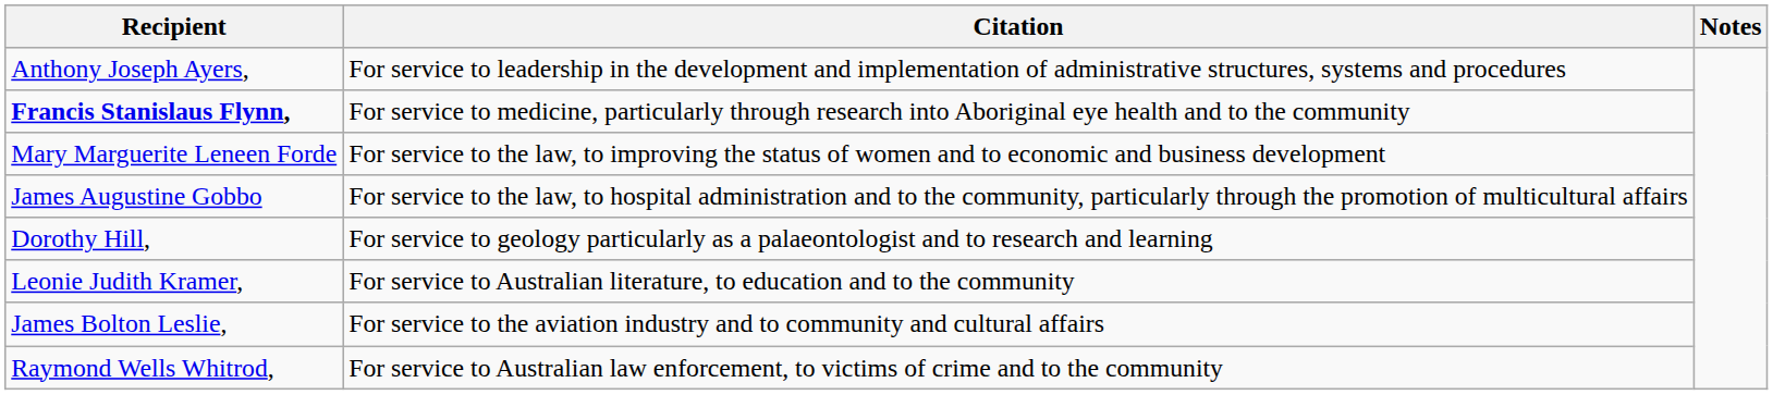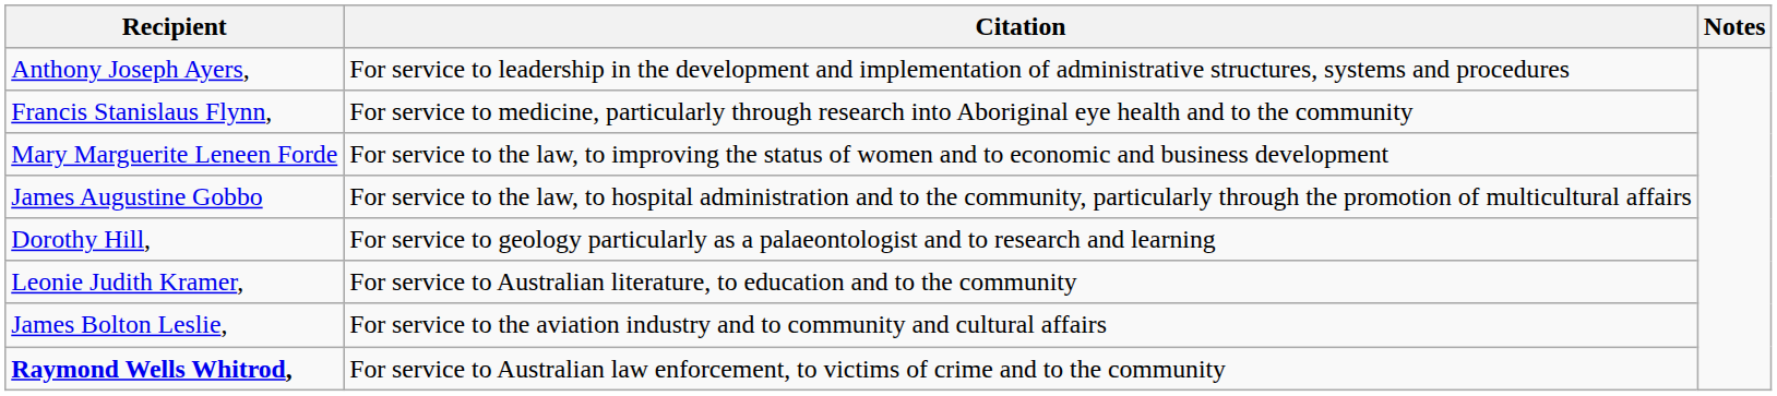 <table class="wikitable" style="font-size:95%;">
 <tr>
 <th>Recipient</th>
 <th>Citation</th>
 <th>Notes</th>
 </tr>
 <tr>
 <td><a href='#'>Anthony Joseph Ayers</a>, </td>
 <td>For service to leadership in the development and implementation of administrative structures, systems and procedures</td>
 <td rowspan=8></td>
 </tr>
 <tr>
-<td><strong> <a href='#'>Francis Stanislaus Flynn</a>, </strong></td>
+<td> <a href='#'>Francis Stanislaus Flynn</a>, </td>
 <td>For service to medicine, particularly through research into Aboriginal eye health and to the community</td>
 </tr>
 <tr>
 <td> <a href='#'>Mary Marguerite Leneen Forde</a></td>
 <td>For service to the law, to improving the status of women and to economic and business development</td>
 </tr>
 <tr>
 <td> <a href='#'>James Augustine Gobbo</a></td>
 <td>For service to the law, to hospital administration and to the community, particularly through the promotion of multicultural affairs</td>
 </tr>
 <tr>
 <td> <a href='#'>Dorothy Hill</a>, </td>
 <td>For service to geology particularly as a palaeontologist and to research and learning</td>
 </tr>
 <tr>
 <td> <a href='#'>Leonie Judith Kramer</a>, </td>
 <td>For service to Australian literature, to education and to the community</td>
 </tr>
 <tr>
 <td><a href='#'>James Bolton Leslie</a>, </td>
 <td>For service to the aviation industry and to community and cultural affairs</td>
 </tr>
 <tr>
-<td><a href='#'>Raymond Wells Whitrod</a>, </td>
+<td><strong><a href='#'>Raymond Wells Whitrod</a>, </strong></td>
 <td>For service to Australian law enforcement, to victims of crime and to the community</td>
 </tr>
 </table>
